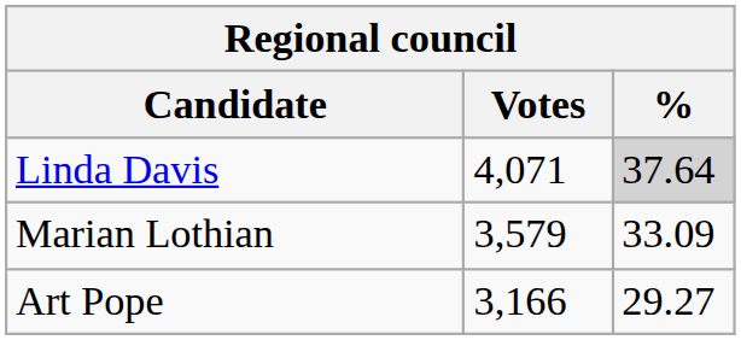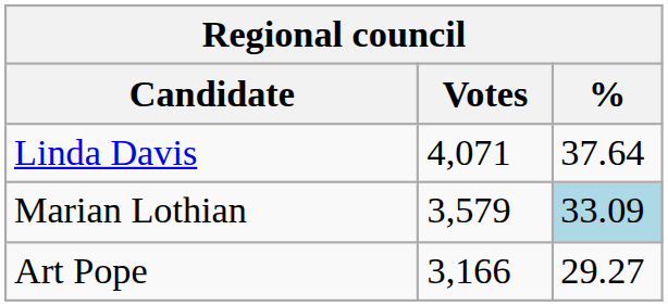 <table class="wikitable">
 <tr>
 <th colspan="3">Regional council</th>
 </tr>
 <tr>
 <th style="width: 170px">Candidate</th>
 <th style="width: 50px">Votes</th>
 <th style="width: 40px">%</th>
 </tr>
 <tr>
 <td><a href='#'>Linda Davis</a></td>
 <td>4,071</td>
-<td style="background: lightgrey;">37.64</td>
+<td>37.64</td>
 </tr>
 <tr>
 <td>Marian Lothian</td>
 <td>3,579</td>
-<td>33.09</td>
+<td style="background: lightblue;">33.09</td>
 </tr>
 <tr>
 <td>Art Pope</td>
 <td>3,166</td>
 <td>29.27</td>
 </tr>
 </table>
